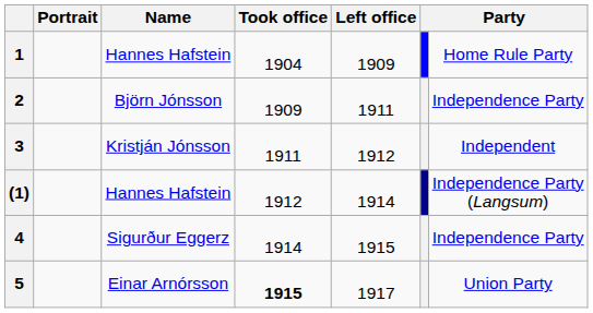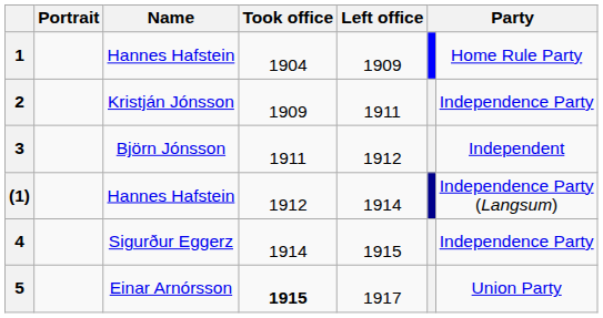 <table class="wikitable" style="text-align:center;">
 <tr>
 <th></th>
 <th>Portrait</th>
 <th>Name<br></th>
 <th>Took office</th>
 <th>Left office</th>
 <th colspan="2">Party</th>
 </tr>
 <tr>
 <th>1</th>
 <td></td>
 <td><a href='#'>Hannes Hafstein</a><br></td>
 <td><br>1904</td>
 <td><br>1909</td>
 <th style="background:blue;"></th>
 <td><a href='#'>Home Rule Party</a></td>
 </tr>
 <tr>
 <th>2</th>
 <td></td>
-<td><a href='#'>Björn Jónsson</a><br></td>
+<td><a href='#'>Kristján Jónsson</a><br></td>
 <td><br>1909</td>
 <td><br>1911</td>
 <th style="background:"></th>
 <td><a href='#'>Independence Party</a></td>
 </tr>
 <tr>
 <th>3</th>
 <td></td>
-<td><a href='#'>Kristján Jónsson</a><br></td>
+<td><a href='#'>Björn Jónsson</a><br></td>
 <td><br>1911</td>
 <td><br>1912</td>
 <th style="background:"></th>
 <td><a href='#'>Independent</a></td>
 </tr>
 <tr>
 <th>(1)</th>
 <td></td>
 <td><a href='#'>Hannes Hafstein</a><br></td>
 <td><br>1912</td>
 <td><br>1914</td>
 <th style="background:darkblue;"></th>
 <td><a href='#'>Independence Party</a><br>(<em>Langsum</em>)</td>
 </tr>
 <tr>
 <th>4</th>
 <td></td>
 <td><a href='#'>Sigurður Eggerz</a><br></td>
 <td><br>1914</td>
 <td><br>1915</td>
 <th style="background:"></th>
 <td><a href='#'>Independence Party</a></td>
 </tr>
 <tr>
 <th>5</th>
 <td></td>
 <td><a href='#'>Einar Arnórsson</a><br></td>
 <td><strong><br>1915</strong></td>
 <td><br>1917</td>
 <th style="background:"></th>
 <td><a href='#'>Union Party</a></td>
 </tr>
 </table>
